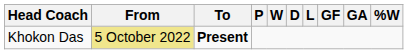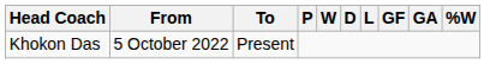 <table class="wikitable sortable" style="text-align:center">
 <tr>
 <th>Head Coach</th>
 <th Class="unsortable">From</th>
 <th Class="unsortable">To</th>
 <th abbr="3">P</th>
 <th abbr="1">W</th>
 <th abbr="1">D</th>
 <th abbr="1">L</th>
 <th abbr="4">GF</th>
 <th abbr="6">GA</th>
 <th abbr="50">%W</th>
 </tr>
 <tr>
 <td align=left> Khokon Das</td>
-<td align=left style="background: khaki;">5 October 2022</td>
-<td align=left><strong>Present<br></strong></td>
+<td align=left>5 October 2022</td>
+<td align=left>Present<br></td>
 </tr>
 </table>
